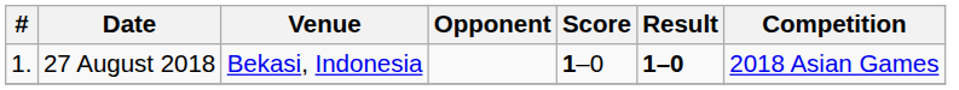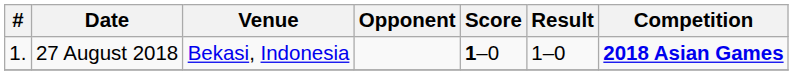 <table class="wikitable collapsible collapsed">
 <tr>
 <th>#</th>
 <th>Date</th>
 <th>Venue</th>
 <th>Opponent</th>
 <th>Score</th>
 <th>Result</th>
 <th>Competition</th>
 </tr>
 <tr>
 <td>1.</td>
 <td>27 August 2018</td>
 <td><a href='#'>Bekasi</a>, <a href='#'>Indonesia</a></td>
 <td></td>
 <td><strong>1</strong>–0</td>
-<td><strong>1–0</strong></td>
-<td><a href='#'>2018 Asian Games</a></td>
+<td>1–0</td>
+<td><strong><a href='#'>2018 Asian Games</a></strong></td>
 </tr>
 <tr>
 </tr>
 </table>
